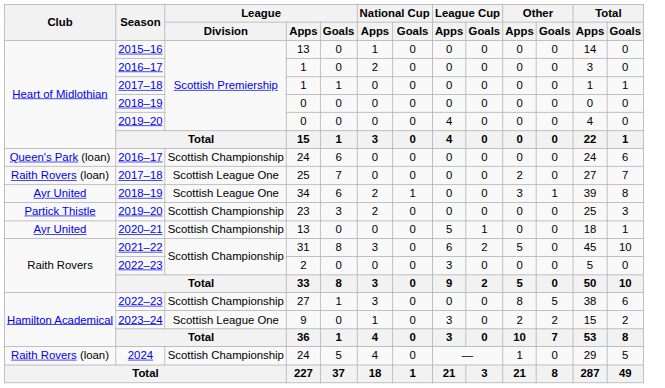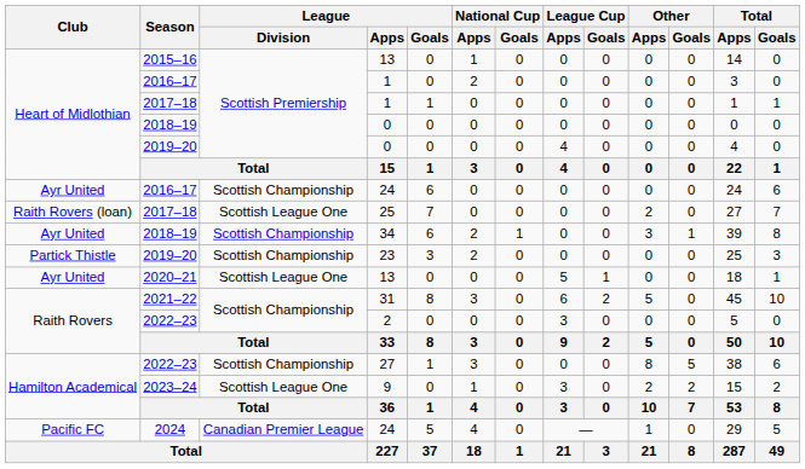 <table class="wikitable" style="text-align:center">
 <tr>
 <th rowspan="2">Club</th>
 <th rowspan="2">Season</th>
 <th colspan="3">League</th>
 <th colspan="2">National Cup</th>
 <th colspan="2">League Cup</th>
 <th colspan="2">Other</th>
 <th colspan="2">Total</th>
 </tr>
 <tr>
 <th>Division</th>
 <th>Apps</th>
 <th>Goals</th>
 <th>Apps</th>
 <th>Goals</th>
 <th>Apps</th>
 <th>Goals</th>
 <th>Apps</th>
 <th>Goals</th>
 <th>Apps</th>
 <th>Goals</th>
 </tr>
 <tr>
 <td rowspan="6"><a href='#'>Heart of Midlothian</a></td>
 <td><a href='#'>2015–16</a></td>
 <td rowspan="5"><a href='#'>Scottish Premiership</a></td>
 <td>13</td>
 <td>0</td>
 <td>1</td>
 <td>0</td>
 <td>0</td>
 <td>0</td>
 <td>0</td>
 <td>0</td>
 <td>14</td>
 <td>0</td>
 </tr>
 <tr>
 <td><a href='#'>2016–17</a></td>
 <td>1</td>
 <td>0</td>
 <td>2</td>
 <td>0</td>
 <td>0</td>
 <td>0</td>
 <td>0</td>
 <td>0</td>
 <td>3</td>
 <td>0</td>
 </tr>
 <tr>
 <td><a href='#'>2017–18</a></td>
 <td>1</td>
 <td>1</td>
 <td>0</td>
 <td>0</td>
 <td>0</td>
 <td>0</td>
 <td>0</td>
 <td>0</td>
 <td>1</td>
 <td>1</td>
 </tr>
 <tr>
 <td><a href='#'>2018–19</a></td>
 <td>0</td>
 <td>0</td>
 <td>0</td>
 <td>0</td>
 <td>0</td>
 <td>0</td>
 <td>0</td>
 <td>0</td>
 <td>0</td>
 <td>0</td>
 </tr>
 <tr>
 <td><a href='#'>2019–20</a></td>
 <td>0</td>
 <td>0</td>
 <td>0</td>
 <td>0</td>
 <td>4</td>
 <td>0</td>
 <td>0</td>
 <td>0</td>
 <td>4</td>
 <td>0</td>
 </tr>
 <tr>
 <th colspan="2">Total</th>
 <th>15</th>
 <th>1</th>
 <th>3</th>
 <th>0</th>
 <th>4</th>
 <th>0</th>
 <th>0</th>
 <th>0</th>
 <th>22</th>
 <th>1</th>
 </tr>
 <tr>
-<td><a href='#'>Queen's Park</a> (loan)</td>
+<td><a href='#'>Ayr United</a></td>
 <td><a href='#'>2016–17</a></td>
 <td>Scottish Championship</td>
 <td>24</td>
 <td>6</td>
 <td>0</td>
 <td>0</td>
 <td>0</td>
 <td>0</td>
 <td>0</td>
 <td>0</td>
 <td>24</td>
 <td>6</td>
 </tr>
 <tr>
 <td><a href='#'>Raith Rovers</a> (loan)</td>
 <td><a href='#'>2017–18</a></td>
 <td>Scottish League One</td>
 <td>25</td>
 <td>7</td>
 <td>0</td>
 <td>0</td>
 <td>0</td>
 <td>0</td>
 <td>2</td>
 <td>0</td>
 <td>27</td>
 <td>7</td>
 </tr>
 <tr>
 <td><a href='#'>Ayr United</a></td>
 <td><a href='#'>2018–19</a></td>
-<td>Scottish League One</td>
+<td><a href='#'>Scottish Championship</a></td>
 <td>34</td>
 <td>6</td>
 <td>2</td>
 <td>1</td>
 <td>0</td>
 <td>0</td>
 <td>3</td>
 <td>1</td>
 <td>39</td>
 <td>8</td>
 </tr>
 <tr>
 <td><a href='#'>Partick Thistle</a></td>
 <td><a href='#'>2019–20</a></td>
 <td>Scottish Championship</td>
 <td>23</td>
 <td>3</td>
 <td>2</td>
 <td>0</td>
 <td>0</td>
 <td>0</td>
 <td>0</td>
 <td>0</td>
 <td>25</td>
 <td>3</td>
 </tr>
 <tr>
 <td><a href='#'>Ayr United</a></td>
 <td><a href='#'>2020–21</a></td>
-<td>Scottish Championship</td>
+<td>Scottish League One</td>
 <td>13</td>
 <td>0</td>
 <td>0</td>
 <td>0</td>
 <td>5</td>
 <td>1</td>
 <td>0</td>
 <td>0</td>
 <td>18</td>
 <td>1</td>
 </tr>
 <tr>
 <td rowspan="3">Raith Rovers</td>
 <td><a href='#'>2021–22</a></td>
 <td rowspan="2">Scottish Championship</td>
 <td>31</td>
 <td>8</td>
 <td>3</td>
 <td>0</td>
 <td>6</td>
 <td>2</td>
 <td>5</td>
 <td>0</td>
 <td>45</td>
 <td>10</td>
 </tr>
 <tr>
 <td><a href='#'>2022–23</a></td>
 <td>2</td>
 <td>0</td>
 <td>0</td>
 <td>0</td>
 <td>3</td>
 <td>0</td>
 <td>0</td>
 <td>0</td>
 <td>5</td>
 <td>0</td>
 </tr>
 <tr>
 <th colspan="2">Total</th>
 <th>33</th>
 <th>8</th>
 <th>3</th>
 <th>0</th>
 <th>9</th>
 <th>2</th>
 <th>5</th>
 <th>0</th>
 <th>50</th>
 <th>10</th>
 </tr>
 <tr>
 <td rowspan="3"><a href='#'>Hamilton Academical</a></td>
 <td><a href='#'>2022–23</a></td>
 <td>Scottish Championship</td>
 <td>27</td>
 <td>1</td>
 <td>3</td>
 <td>0</td>
 <td>0</td>
 <td>0</td>
 <td>8</td>
 <td>5</td>
 <td>38</td>
 <td>6</td>
 </tr>
 <tr>
 <td><a href='#'>2023–24</a></td>
 <td>Scottish League One</td>
 <td>9</td>
 <td>0</td>
 <td>1</td>
 <td>0</td>
 <td>3</td>
 <td>0</td>
 <td>2</td>
 <td>2</td>
 <td>15</td>
 <td>2</td>
 </tr>
 <tr>
 <th colspan="2">Total</th>
 <th>36</th>
 <th>1</th>
 <th>4</th>
 <th>0</th>
 <th>3</th>
 <th>0</th>
 <th>10</th>
 <th>7</th>
 <th>53</th>
 <th>8</th>
 </tr>
 <tr>
-<td><a href='#'>Raith Rovers</a> (loan)</td>
+<td><a href='#'>Pacific FC</a></td>
 <td><a href='#'>2024</a></td>
-<td>Scottish Championship</td>
+<td><a href='#'>Canadian Premier League</a></td>
 <td>24</td>
 <td>5</td>
 <td>4</td>
 <td>0</td>
 <td colspan="2">—</td>
 <td>1</td>
 <td>0</td>
 <td>29</td>
 <td>5</td>
 </tr>
 <tr>
 <th colspan="3">Total</th>
 <th>227</th>
 <th>37</th>
 <th>18</th>
 <th>1</th>
 <th>21</th>
 <th>3</th>
 <th>21</th>
 <th>8</th>
 <th>287</th>
 <th>49</th>
 </tr>
 </table>
